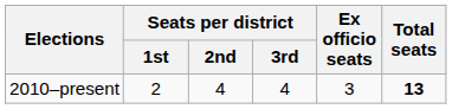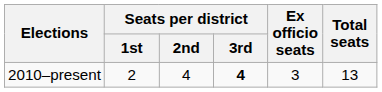 <table class="wikitable" style="text-align:center">
 <tr>
 <th rowspan="2">Elections</th>
 <th colspan="3">Seats per district</th>
 <th rowspan="2" width="50px">Ex officio seats</th>
 <th rowspan="2" width="50px">Total seats</th>
 </tr>
 <tr>
 <th width="50px">1st</th>
 <th width="50px">2nd</th>
 <th width="50px">3rd</th>
 </tr>
 <tr>
 <td>2010–present</td>
 <td>2</td>
 <td>4</td>
-<td>4</td>
+<td><strong>4</strong></td>
 <td>3</td>
-<td><strong>13</strong></td>
+<td>13</td>
 </tr>
 </table>
